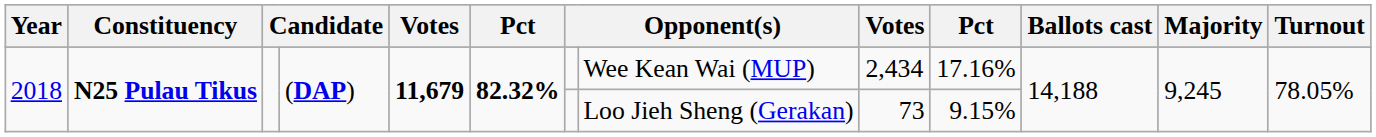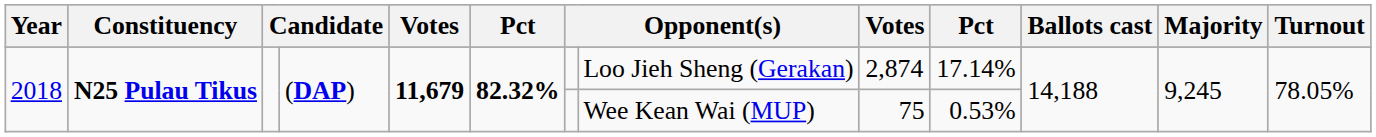 <table class="wikitable" style="margin:0.5em ; font-size:95%">
 <tr>
 <th>Year</th>
 <th>Constituency</th>
 <th colspan=2>Candidate</th>
 <th>Votes</th>
 <th>Pct</th>
 <th colspan=2>Opponent(s)</th>
 <th>Votes</th>
 <th>Pct</th>
 <th>Ballots cast</th>
 <th>Majority</th>
 <th>Turnout</th>
 </tr>
 <tr>
 <td rowspan="2"><a href='#'>2018</a></td>
 <td rowspan="2"><strong>N25 <a href='#'>Pulau Tikus</a></strong></td>
 <td rowspan="2" ></td>
 <td rowspan="2"> (<a href='#'><strong>DAP</strong></a>)</td>
 <td rowspan="2" align="right"><strong>11,679</strong></td>
 <td rowspan="2"><strong>82.32%</strong></td>
 <td></td>
-<td>Wee Kean Wai (<a href='#'>MUP</a>)</td>
-<td>2,434</td>
-<td>17.16%</td>
+<td>Loo Jieh Sheng (<a href='#'>Gerakan</a>)</td>
+<td>2,874</td>
+<td>17.14%</td>
 <td rowspan="2">14,188</td>
 <td rowspan="2">9,245</td>
 <td rowspan="2">78.05%</td>
 </tr>
 <tr>
 <td bgcolor=></td>
-<td>Loo Jieh Sheng (<a href='#'>Gerakan</a>)</td>
-<td align="right">73</td>
-<td align=right>9.15%</td>
+<td>Wee Kean Wai (<a href='#'>MUP</a>)</td>
+<td align="right">75</td>
+<td align=right>0.53%</td>
 </tr>
 </table>
